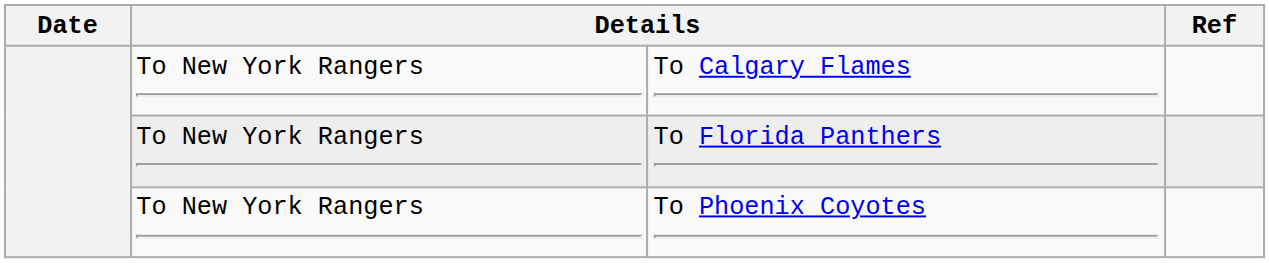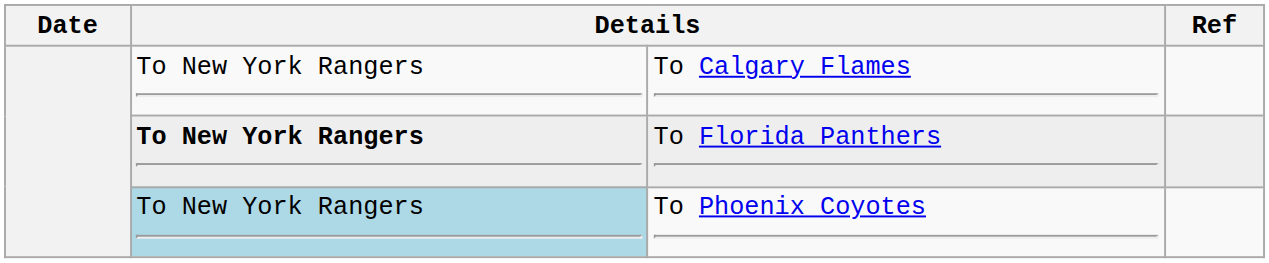 <table class="wikitable plainrowheaders" style="width: 50em;">
 <tr>
 <th scope="col">Date</th>
 <th scope="col" colspan="2">Details</th>
 <th scope="col">Ref</th>
 </tr>
 <tr>
 <th scope="row" rowspan=3></th>
 <td valign="top">To New York Rangers <hr></td>
 <td valign="top">To <a href='#'>Calgary Flames</a> <hr></td>
 <td></td>
 </tr>
 <tr bgcolor="#eeeeee">
-<td valign="top">To New York Rangers <hr></td>
+<td valign="top"><strong>To New York Rangers <hr></strong></td>
 <td valign="top">To <a href='#'>Florida Panthers</a> <hr></td>
 <td></td>
 </tr>
 <tr>
-<td valign="top">To New York Rangers <hr></td>
+<td valign="top" style="background: lightblue;">To New York Rangers <hr></td>
 <td valign="top">To <a href='#'>Phoenix Coyotes</a> <hr></td>
 <td></td>
 </tr>
 </table>
